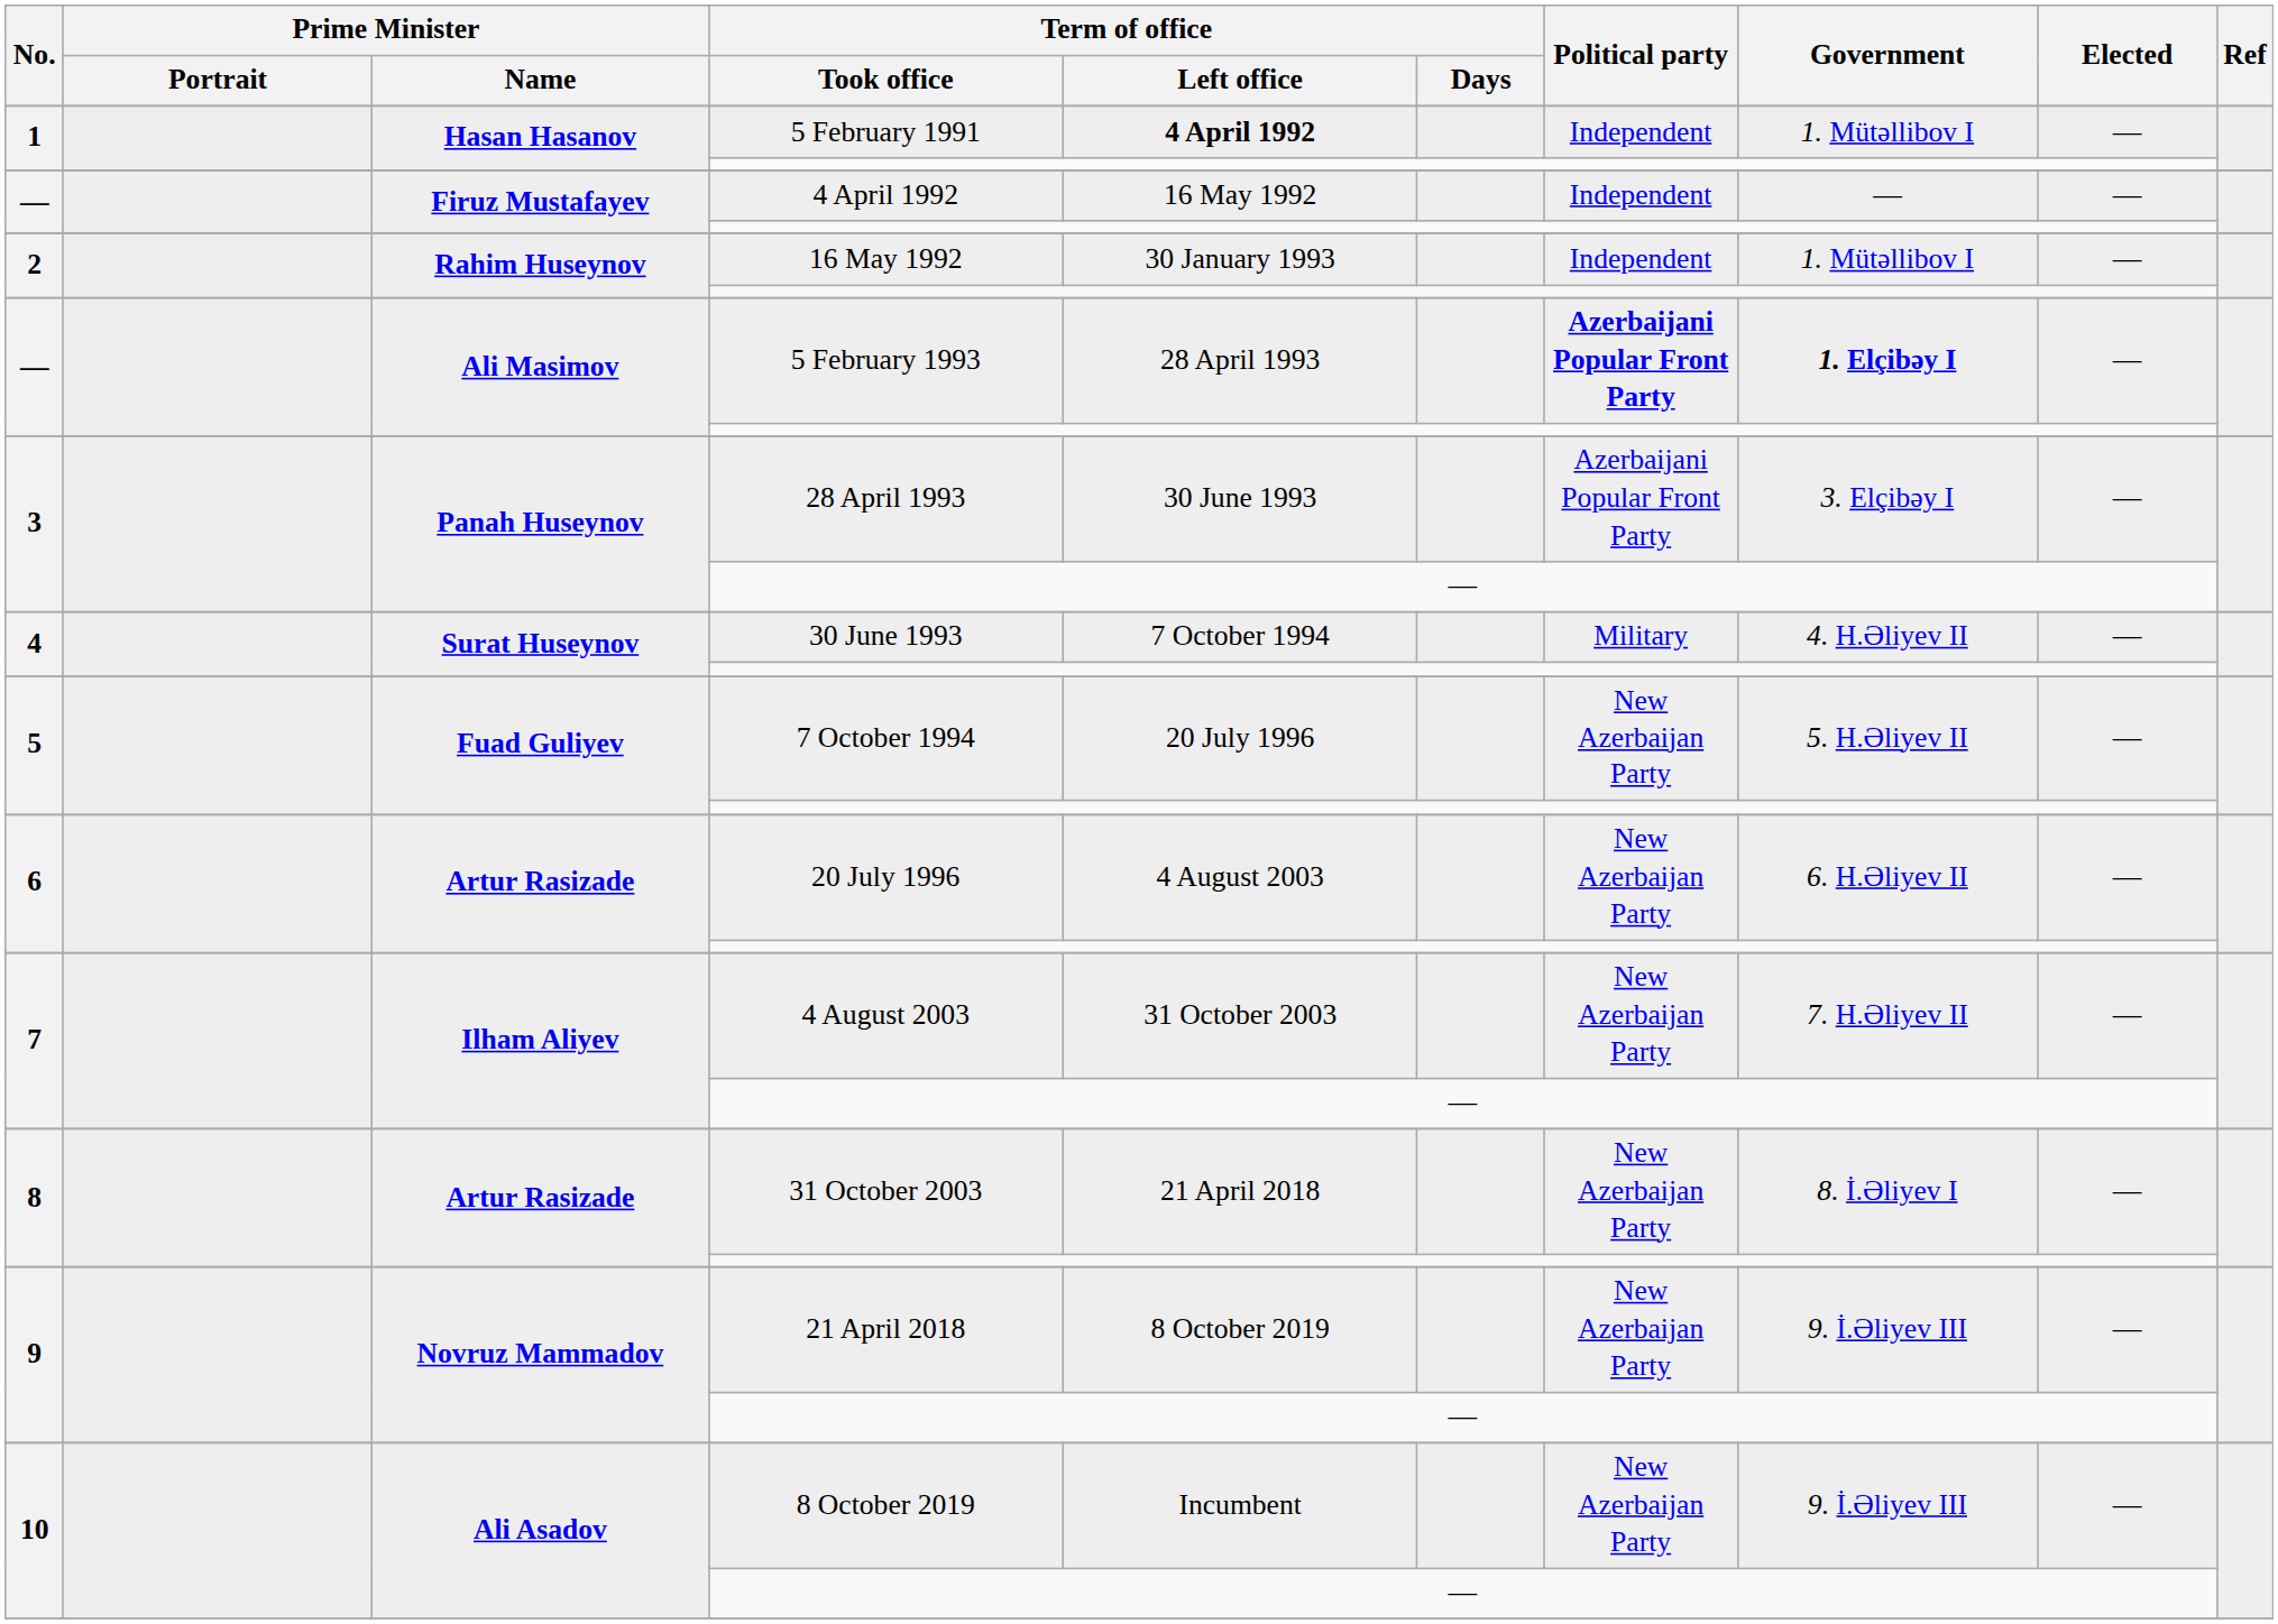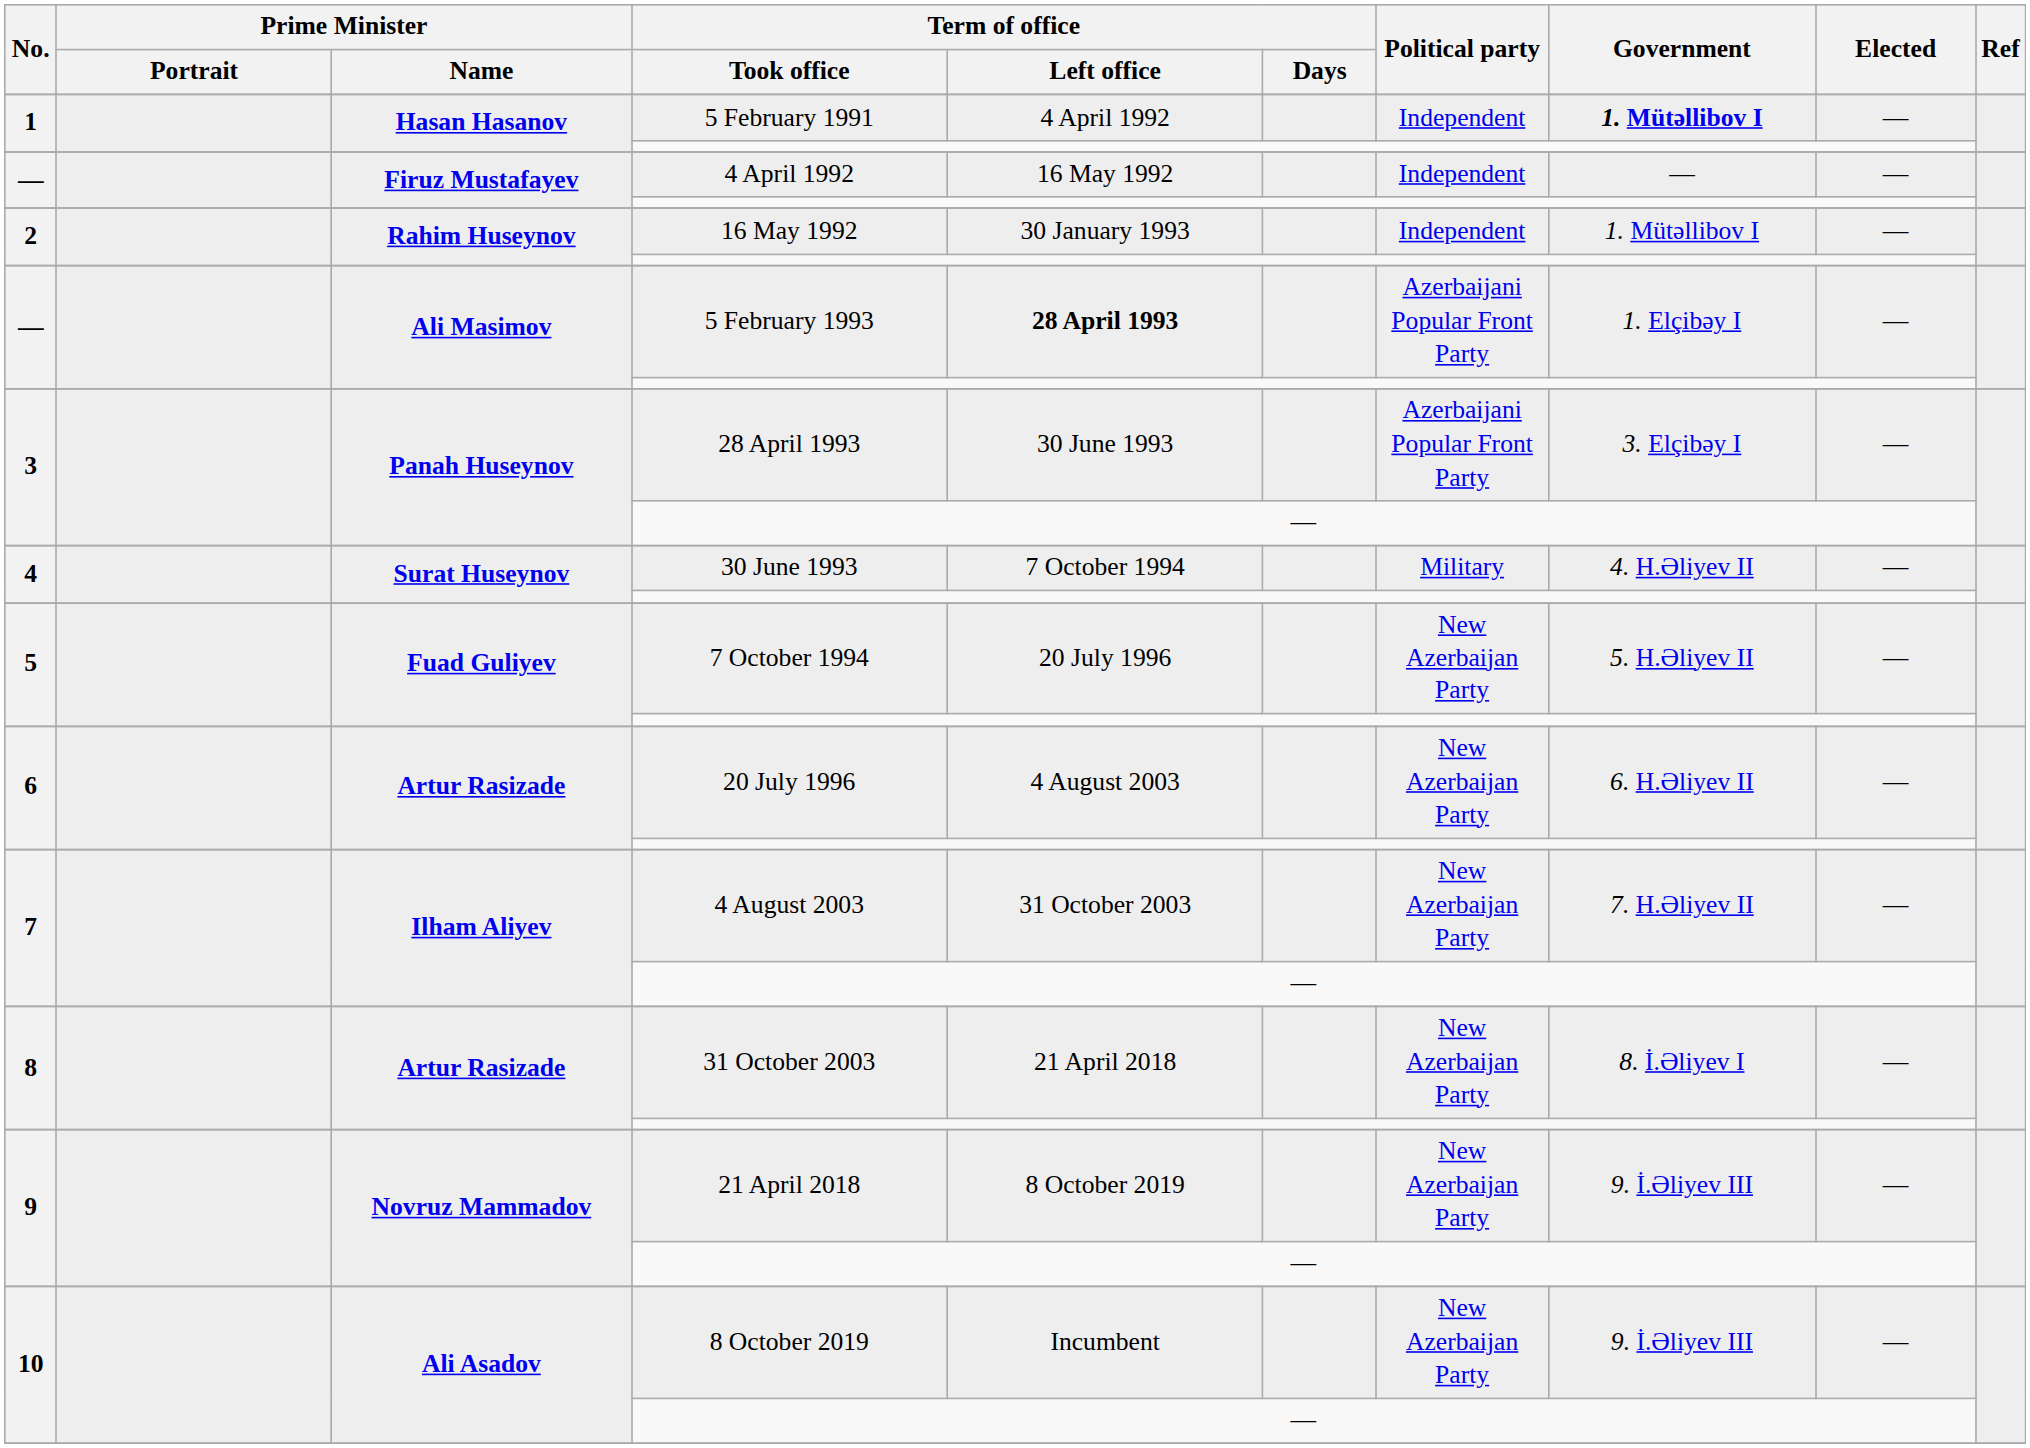 <table class="wikitable" style="text-align:center; line-height:130%;" width="100%">
 <tr>
 <th rowspan=2 style="width:25px;">No.</th>
 <th colspan=2 style="width:280px;">Prime Minister</th>
 <th colspan=3>Term of office</th>
 <th style="width:100px;" rowspan="2">Political party</th>
 <th style="width:160px;" rowspan="2">Government</th>
 <th rowspan=2>Elected</th>
 <th rowspan=2 style="width:20px;">Ref</th>
 </tr>
 <tr>
 <th>Portrait</th>
 <th width=180px>Name</th>
 <th>Took office</th>
 <th>Left office</th>
 <th>Days</th>
 </tr>
 <tr>
 </tr>
 <tr bgcolor=#EEEEEE>
 <th rowspan=2 style="background:">1</th>
 <td rowspan=2></td>
 <td rowspan=2><strong><a href='#'>Hasan Hasanov</a></strong><br></td>
 <td>5 February 1991</td>
-<td><strong>4 April 1992</strong></td>
+<td>4 April 1992</td>
 <td></td>
 <td style="background:"><span><a href='#'>Independent</a></span></td>
-<td><em>1.</em> <a href='#'>Mütəllibov I</a></td>
+<td><strong><em>1.</em> <a href='#'>Mütəllibov I</a></strong></td>
 <td>—</td>
 <td rowspan=2></td>
 </tr>
 <tr>
 <td colspan=6 align=center></td>
 </tr>
 <tr bgcolor=#EEEEEE>
 </tr>
 <tr>
 </tr>
 <tr bgcolor=#EEEEEE>
 <th rowspan=2 style="background:">—</th>
 <td rowspan=2></td>
 <td rowspan=2><strong><a href='#'>Firuz Mustafayev</a></strong><br></td>
 <td>4 April 1992</td>
 <td>16 May 1992</td>
 <td></td>
 <td style="background:"><span><a href='#'>Independent</a></span></td>
 <td>—</td>
 <td>—</td>
 <td rowspan=2></td>
 </tr>
 <tr>
 <td colspan=6 align=center></td>
 </tr>
 <tr bgcolor=#EEEEEE>
 </tr>
 <tr>
 </tr>
 <tr bgcolor=#EEEEEE>
 <th rowspan=2 style="background:">2</th>
 <td rowspan=2></td>
 <td rowspan=2><strong><a href='#'>Rahim Huseynov</a></strong><br></td>
 <td>16 May 1992</td>
 <td>30 January 1993</td>
 <td></td>
 <td style="background:"><span><a href='#'>Independent</a></span></td>
 <td><em>1.</em> <a href='#'>Mütəllibov I</a></td>
 <td>—</td>
 <td rowspan=2></td>
 </tr>
 <tr>
 <td colspan=6 align=center></td>
 </tr>
 <tr bgcolor=#EEEEEE>
 </tr>
 <tr>
 </tr>
 <tr bgcolor=#EEEEEE>
 <th rowspan=2 style="background:">—</th>
 <td rowspan=2></td>
 <td rowspan=2><strong><a href='#'>Ali Masimov</a></strong><br></td>
 <td>5 February 1993</td>
-<td>28 April 1993</td>
+<td><strong>28 April 1993</strong></td>
 <td></td>
-<td style="background:"><strong><a href='#'><span>Azerbaijani Popular Front Party</span></a></strong></td>
-<td><strong><em>1.</em> <a href='#'>Elçibəy I</a></strong></td>
+<td style="background:"><a href='#'><span>Azerbaijani Popular Front Party</span></a></td>
+<td><em>1.</em> <a href='#'>Elçibəy I</a></td>
 <td>—</td>
 <td rowspan=2></td>
 </tr>
 <tr>
 <td colspan=6 align=center></td>
 </tr>
 <tr bgcolor=#EEEEEE>
 </tr>
 <tr>
 </tr>
 <tr bgcolor=#EEEEEE>
 <th rowspan=2 style="background:">3</th>
 <td rowspan=2></td>
 <td rowspan=2><strong><a href='#'>Panah Huseynov</a></strong><br></td>
 <td>28 April 1993</td>
 <td>30 June 1993</td>
 <td></td>
 <td style="background:"><a href='#'><span>Azerbaijani Popular Front Party </span></a></td>
 <td><em>3.</em> <a href='#'>Elçibəy I</a></td>
 <td>—</td>
 <td rowspan=2></td>
 </tr>
 <tr>
 <td colspan=6 align=center>—</td>
 </tr>
 <tr bgcolor=#EEEEEE>
 </tr>
 <tr>
 </tr>
 <tr bgcolor=#EEEEEE>
 <th rowspan=2 style="background:">4</th>
 <td rowspan=2></td>
 <td rowspan=2><strong><a href='#'>Surat Huseynov</a></strong><br></td>
 <td>30 June 1993</td>
 <td>7 October 1994</td>
 <td></td>
 <td style="background:"><a href='#'><span>Military</span></a></td>
 <td><em>4.</em> <a href='#'>H.Əliyev II</a></td>
 <td>—</td>
 <td rowspan=2></td>
 </tr>
 <tr>
 <td colspan=6 align=center></td>
 </tr>
 <tr bgcolor=#EEEEEE>
 </tr>
 <tr>
 </tr>
 <tr bgcolor=#EEEEEE>
 <th rowspan=2 style="background:">5</th>
 <td rowspan=2></td>
 <td rowspan=2><strong><a href='#'>Fuad Guliyev</a></strong><br></td>
 <td>7 October 1994</td>
 <td>20 July 1996</td>
 <td></td>
 <td style="background:"><a href='#'><span>New Azerbaijan Party</span></a></td>
 <td><em>5.</em> <a href='#'>H.Əliyev II</a></td>
 <td>—</td>
 <td rowspan=2></td>
 </tr>
 <tr>
 <td colspan=6 align=center></td>
 </tr>
 <tr bgcolor=#EEEEEE>
 </tr>
 <tr>
 </tr>
 <tr bgcolor=#EEEEEE>
 <th rowspan=2 style="background:">6</th>
 <td rowspan=2></td>
 <td rowspan=2><strong><a href='#'>Artur Rasizade</a></strong><br></td>
 <td>20 July 1996</td>
 <td>4 August 2003</td>
 <td></td>
 <td style="background:"><a href='#'><span>New Azerbaijan Party</span></a></td>
 <td><em>6.</em> <a href='#'>H.Əliyev II</a></td>
 <td>—</td>
 <td rowspan=2></td>
 </tr>
 <tr>
 <td colspan=6 align=center></td>
 </tr>
 <tr bgcolor=#EEEEEE>
 </tr>
 <tr>
 </tr>
 <tr bgcolor=#EEEEEE>
 <th rowspan=2 style="background:">7</th>
 <td rowspan=2></td>
 <td rowspan=2><strong><a href='#'>Ilham Aliyev</a></strong><br></td>
 <td>4 August 2003</td>
 <td>31 October 2003</td>
 <td></td>
 <td style="background:"><a href='#'><span>New Azerbaijan Party</span></a></td>
 <td><em>7.</em> <a href='#'>H.Əliyev II</a></td>
 <td>—</td>
 <td rowspan=2></td>
 </tr>
 <tr>
 <td colspan=6 align=center>—</td>
 </tr>
 <tr bgcolor=#EEEEEE>
 </tr>
 <tr>
 </tr>
 <tr bgcolor=#EEEEEE>
 <th rowspan=2 style="background:">8</th>
 <td rowspan=2></td>
 <td rowspan=2><strong><a href='#'>Artur Rasizade</a></strong><br></td>
 <td>31 October 2003</td>
 <td>21 April 2018</td>
 <td></td>
 <td style="background:"><a href='#'><span>New Azerbaijan Party</span></a></td>
 <td><em>8.</em> <a href='#'>İ.Əliyev I</a></td>
 <td>—</td>
 <td rowspan=2></td>
 </tr>
 <tr>
 <td colspan=6 align=center></td>
 </tr>
 <tr bgcolor=#EEEEEE>
 </tr>
 <tr>
 </tr>
 <tr bgcolor=#EEEEEE>
 <th rowspan=2 style="background:">9</th>
 <td rowspan=2></td>
 <td rowspan=2><strong><a href='#'>Novruz Mammadov</a></strong><br></td>
 <td>21 April 2018</td>
 <td>8 October 2019</td>
 <td></td>
 <td style="background:"><a href='#'><span>New Azerbaijan Party</span></a></td>
 <td><em>9.</em> <a href='#'>İ.Əliyev III</a></td>
 <td>—</td>
 <td rowspan=2></td>
 </tr>
 <tr>
 <td colspan=6 align=center>—</td>
 </tr>
 <tr bgcolor=#EEEEEE>
 </tr>
 <tr>
 </tr>
 <tr bgcolor=#EEEEEE>
 <th rowspan=2 style="background:">10</th>
 <td rowspan=2></td>
 <td rowspan=2><strong><a href='#'>Ali Asadov</a></strong><br></td>
 <td>8 October 2019</td>
 <td>Incumbent</td>
 <td></td>
 <td style="background:"><a href='#'><span>New Azerbaijan Party</span></a></td>
 <td><em>9.</em> <a href='#'>İ.Əliyev III</a></td>
 <td>—</td>
 <td rowspan=2></td>
 </tr>
 <tr>
 <td colspan=6 align=center>—</td>
 </tr>
 <tr bgcolor=#EEEEEE>
 </tr>
 </table>
